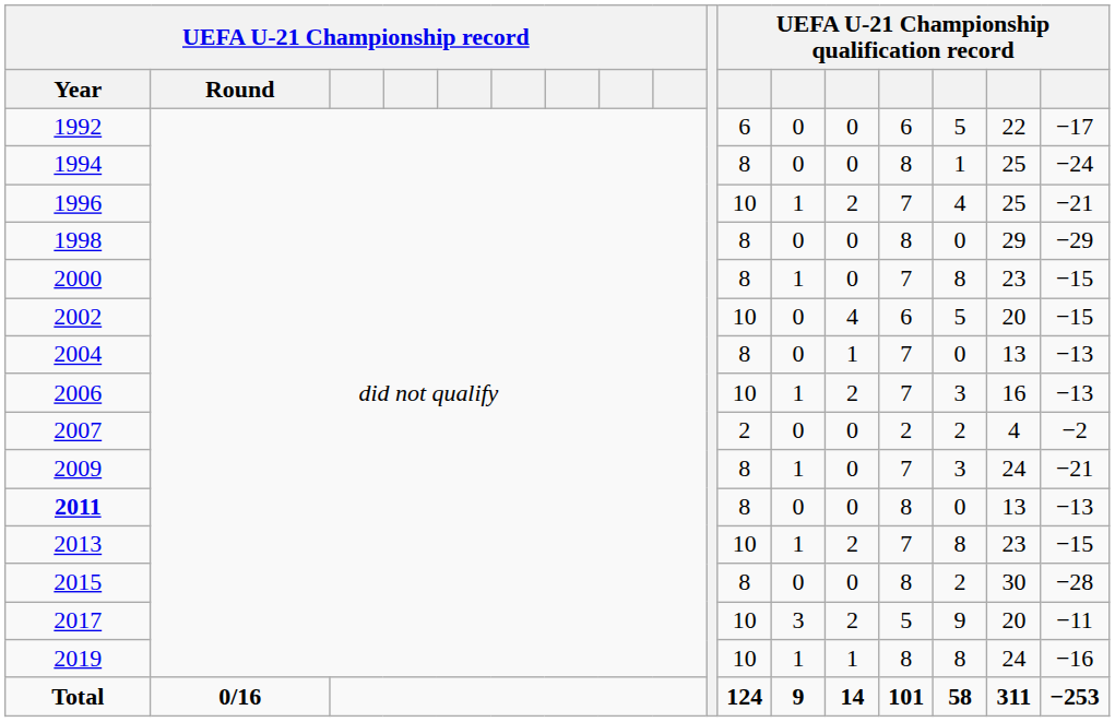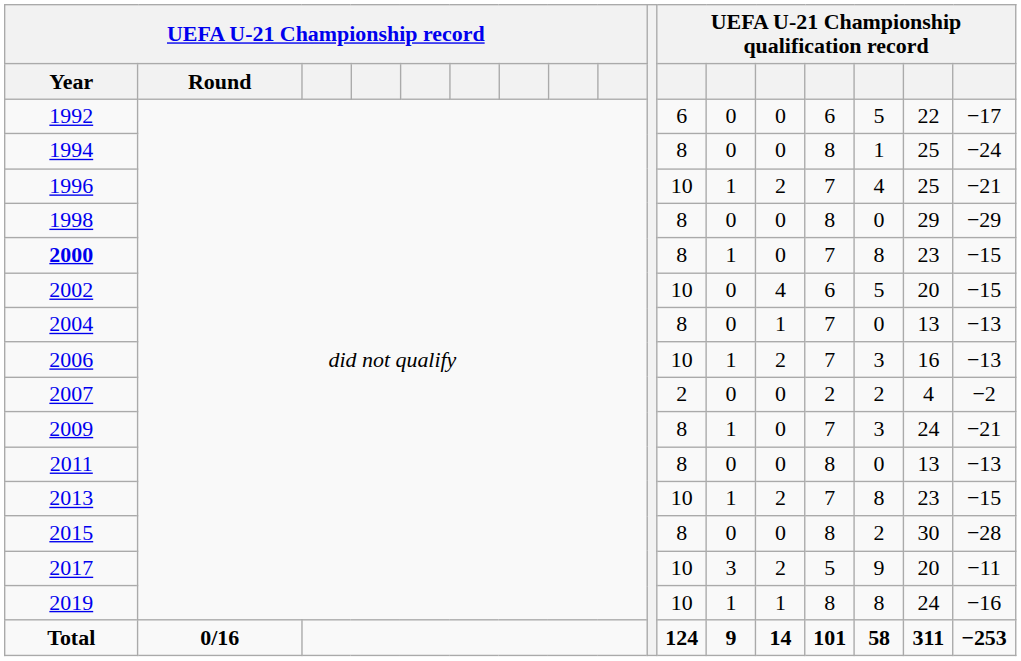 <table class="wikitable" style="text-align: center;">
 <tr>
 <th colspan="9"><a href='#'>UEFA U-21 Championship record</a></th>
 <th width="1%" rowspan="18"></th>
 <th colspan="7">UEFA U-21 Championship qualification record</th>
 </tr>
 <tr>
 <th width="80">Year</th>
 <th width="100">Round</th>
 <th width="25"></th>
 <th width="25"></th>
 <th width="25"></th>
 <th width="25"></th>
 <th width="25"></th>
 <th width="25"></th>
 <th width="25"></th>
 <th width="25"></th>
 <th width="25"></th>
 <th width="25"></th>
 <th width="25"></th>
 <th width="25"></th>
 <th width="25"></th>
 <th width="25"></th>
 </tr>
 <tr>
 <td> <a href='#'>1992</a></td>
 <td rowspan="15" colspan="8"><em>did not qualify</em></td>
 <td>6</td>
 <td>0</td>
 <td>0</td>
 <td>6</td>
 <td>5</td>
 <td>22</td>
 <td>−17</td>
 </tr>
 <tr>
 <td> <a href='#'>1994</a></td>
 <td>8</td>
 <td>0</td>
 <td>0</td>
 <td>8</td>
 <td>1</td>
 <td>25</td>
 <td>−24</td>
 </tr>
 <tr>
 <td> <a href='#'>1996</a></td>
 <td>10</td>
 <td>1</td>
 <td>2</td>
 <td>7</td>
 <td>4</td>
 <td>25</td>
 <td>−21</td>
 </tr>
 <tr>
 <td> <a href='#'>1998</a></td>
 <td>8</td>
 <td>0</td>
 <td>0</td>
 <td>8</td>
 <td>0</td>
 <td>29</td>
 <td>−29</td>
 </tr>
 <tr>
-<td> <a href='#'>2000</a></td>
+<td><strong> <a href='#'>2000</a></strong></td>
 <td>8</td>
 <td>1</td>
 <td>0</td>
 <td>7</td>
 <td>8</td>
 <td>23</td>
 <td>−15</td>
 </tr>
 <tr>
 <td> <a href='#'>2002</a></td>
 <td>10</td>
 <td>0</td>
 <td>4</td>
 <td>6</td>
 <td>5</td>
 <td>20</td>
 <td>−15</td>
 </tr>
 <tr>
 <td> <a href='#'>2004</a></td>
 <td>8</td>
 <td>0</td>
 <td>1</td>
 <td>7</td>
 <td>0</td>
 <td>13</td>
 <td>−13</td>
 </tr>
 <tr>
 <td> <a href='#'>2006</a></td>
 <td>10</td>
 <td>1</td>
 <td>2</td>
 <td>7</td>
 <td>3</td>
 <td>16</td>
 <td>−13</td>
 </tr>
 <tr>
 <td> <a href='#'>2007</a></td>
 <td>2</td>
 <td>0</td>
 <td>0</td>
 <td>2</td>
 <td>2</td>
 <td>4</td>
 <td>−2</td>
 </tr>
 <tr>
 <td> <a href='#'>2009</a></td>
 <td>8</td>
 <td>1</td>
 <td>0</td>
 <td>7</td>
 <td>3</td>
 <td>24</td>
 <td>−21</td>
 </tr>
 <tr>
-<td><strong> <a href='#'>2011</a></strong></td>
+<td> <a href='#'>2011</a></td>
 <td>8</td>
 <td>0</td>
 <td>0</td>
 <td>8</td>
 <td>0</td>
 <td>13</td>
 <td>−13</td>
 </tr>
 <tr>
 <td> <a href='#'>2013</a></td>
 <td>10</td>
 <td>1</td>
 <td>2</td>
 <td>7</td>
 <td>8</td>
 <td>23</td>
 <td>−15</td>
 </tr>
 <tr>
 <td> <a href='#'>2015</a></td>
 <td>8</td>
 <td>0</td>
 <td>0</td>
 <td>8</td>
 <td>2</td>
 <td>30</td>
 <td>−28</td>
 </tr>
 <tr>
 <td> <a href='#'>2017</a></td>
 <td>10</td>
 <td>3</td>
 <td>2</td>
 <td>5</td>
 <td>9</td>
 <td>20</td>
 <td>−11</td>
 </tr>
 <tr>
 <td> <a href='#'>2019</a></td>
 <td>10</td>
 <td>1</td>
 <td>1</td>
 <td>8</td>
 <td>8</td>
 <td>24</td>
 <td>−16</td>
 </tr>
 <tr style="font-weight: bold">
 <td>Total</td>
 <td>0/16</td>
 <td colspan="7"></td>
 <td>124</td>
 <td>9</td>
 <td>14</td>
 <td>101</td>
 <td>58</td>
 <td>311</td>
 <td>−253</td>
 </tr>
 </table>
